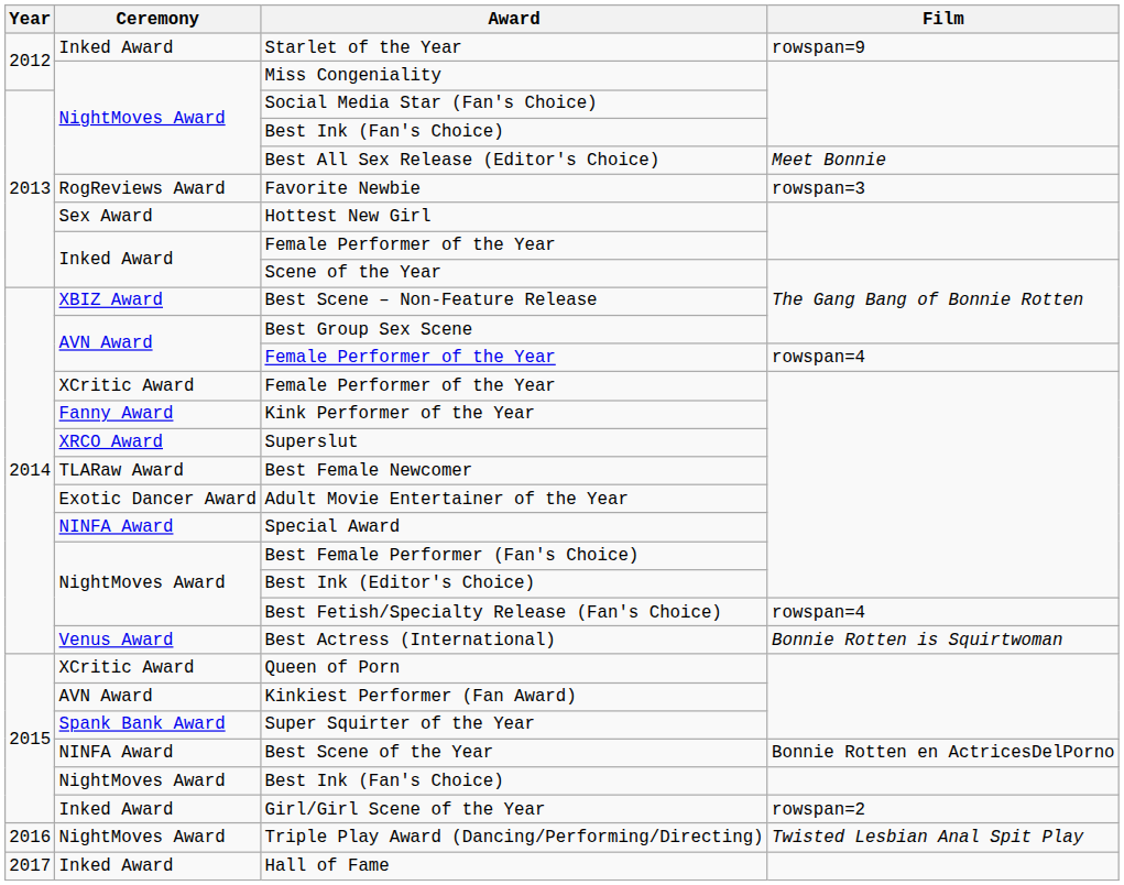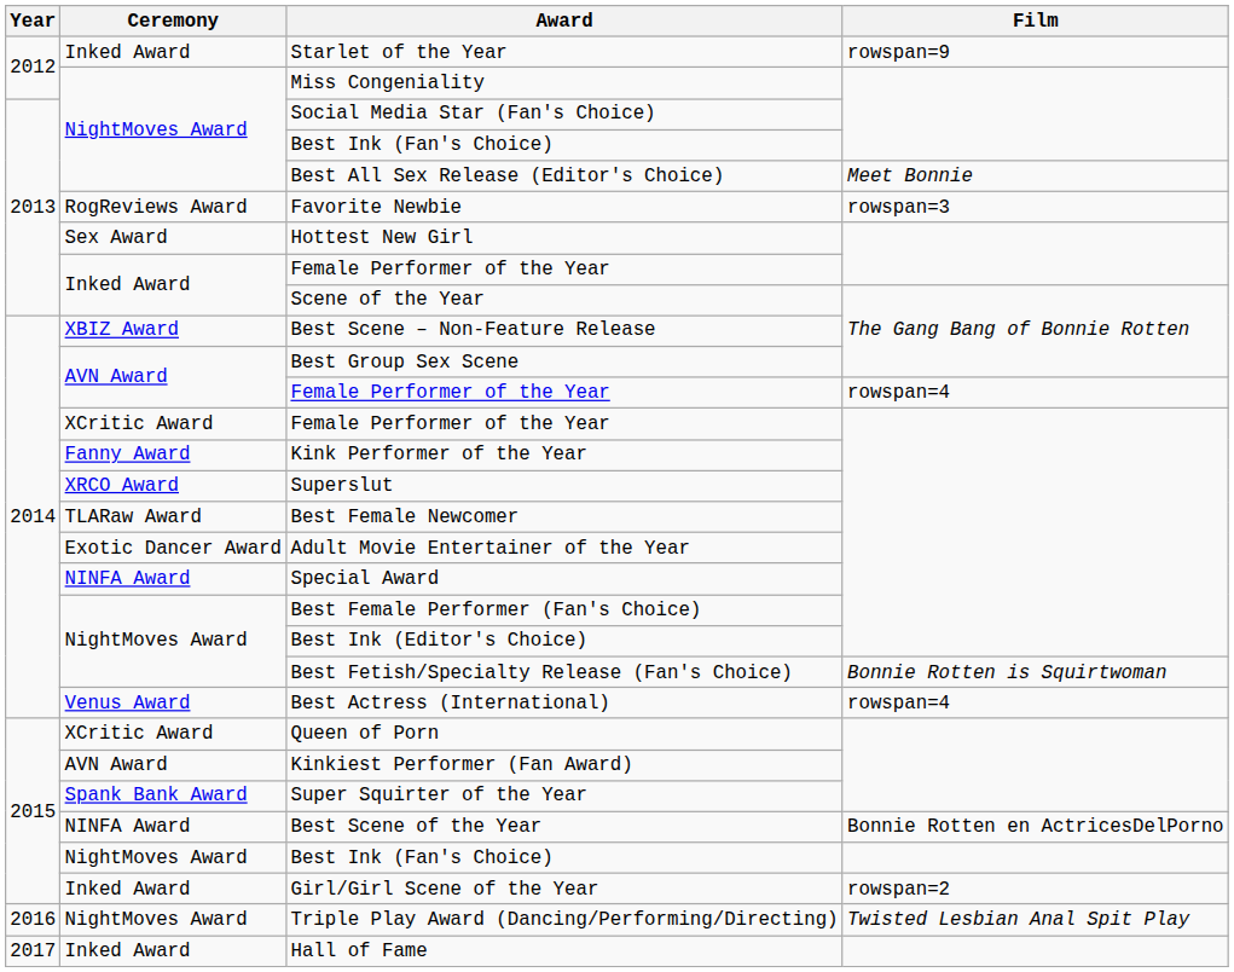 <table class="wikitable">
 <tr>
 <th>Year</th>
 <th>Ceremony</th>
 <th>Award</th>
 <th>Film</th>
 </tr>
 <tr>
 <td rowspan=2>2012</td>
 <td>Inked Award</td>
 <td>Starlet of the Year</td>
 <td>rowspan=9 </td>
 </tr>
 <tr>
 <td rowspan=4><a href='#'>NightMoves Award</a></td>
 <td>Miss Congeniality</td>
 </tr>
 <tr>
 <td rowspan=7>2013</td>
 <td>Social Media Star (Fan's Choice)</td>
 </tr>
 <tr>
 <td>Best Ink (Fan's Choice)</td>
 </tr>
 <tr>
 <td>Best All Sex Release (Editor's Choice)</td>
 <td><em>Meet Bonnie</em></td>
 </tr>
 <tr>
 <td>RogReviews Award</td>
 <td>Favorite Newbie</td>
 <td>rowspan=3 </td>
 </tr>
 <tr>
 <td>Sex Award</td>
 <td>Hottest New Girl</td>
 </tr>
 <tr>
 <td rowspan=2>Inked Award</td>
 <td>Female Performer of the Year</td>
 </tr>
 <tr>
 <td>Scene of the Year</td>
 <td rowspan=3><em>The Gang Bang of Bonnie Rotten</em></td>
 </tr>
 <tr>
 <td rowspan=13>2014</td>
 <td><a href='#'>XBIZ Award</a></td>
 <td>Best Scene – Non-Feature Release </td>
 </tr>
 <tr>
 <td rowspan=2><a href='#'>AVN Award</a></td>
 <td>Best Group Sex Scene </td>
 </tr>
 <tr>
 <td><a href='#'>Female Performer of the Year</a></td>
 <td>rowspan=4 </td>
 </tr>
 <tr>
 <td>XCritic Award</td>
 <td>Female Performer of the Year</td>
 </tr>
 <tr>
 <td><a href='#'>Fanny Award</a></td>
 <td>Kink Performer of the Year</td>
 </tr>
 <tr>
 <td><a href='#'>XRCO Award</a></td>
 <td>Superslut</td>
 </tr>
 <tr>
 <td>TLARaw Award</td>
 <td>Best Female Newcomer</td>
 </tr>
 <tr>
 <td>Exotic Dancer Award</td>
 <td>Adult Movie Entertainer of the Year</td>
 </tr>
 <tr>
 <td><a href='#'>NINFA Award</a></td>
 <td>Special Award</td>
 </tr>
 <tr>
 <td rowspan=3>NightMoves Award</td>
 <td>Best Female Performer (Fan's Choice)</td>
 </tr>
 <tr>
 <td>Best Ink (Editor's Choice)</td>
 </tr>
 <tr>
 <td>Best Fetish/Specialty Release (Fan's Choice)</td>
-<td>rowspan=4 </td>
+<td><em>Bonnie Rotten is Squirtwoman</em></td>
 </tr>
 <tr>
 <td><a href='#'>Venus Award</a></td>
 <td>Best Actress (International)</td>
-<td><em>Bonnie Rotten is Squirtwoman</em></td>
+<td>rowspan=4 </td>
 </tr>
 <tr>
 <td rowspan=6>2015</td>
 <td>XCritic Award</td>
 <td>Queen of Porn</td>
 </tr>
 <tr>
 <td>AVN Award</td>
 <td>Kinkiest Performer (Fan Award)</td>
 </tr>
 <tr>
 <td><a href='#'>Spank Bank Award</a></td>
 <td>Super Squirter of the Year</td>
 </tr>
 <tr>
 <td>NINFA Award</td>
 <td>Best Scene of the Year</td>
 <td>Bonnie Rotten en ActricesDelPorno</td>
 </tr>
 <tr>
 <td>NightMoves Award</td>
 <td>Best Ink (Fan's Choice)</td>
 <td></td>
 </tr>
 <tr>
 <td>Inked Award</td>
 <td>Girl/Girl Scene of the Year </td>
 <td>rowspan=2 </td>
 </tr>
 <tr>
 <td>2016</td>
 <td>NightMoves Award</td>
 <td>Triple Play Award (Dancing/Performing/Directing)</td>
 <td><em>Twisted Lesbian Anal Spit Play</em></td>
 </tr>
 <tr>
 <td>2017</td>
 <td>Inked Award</td>
 <td>Hall of Fame</td>
 </tr>
 </table>
